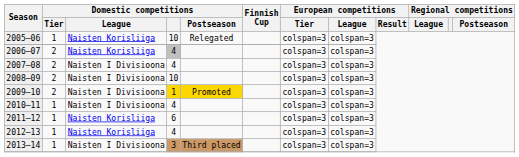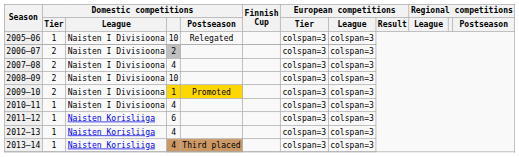 <table class="wikitable" style="font-size:85%; text-align:center">
 <tr bgcolor=>
 <th rowspan=2>Season</th>
 <th colspan=4>Domestic competitions</th>
 <th rowspan=2>Finnish <br> Cup</th>
 <th colspan=3>European competitions</th>
 <th colspan=3>Regional competitions</th>
 </tr>
 <tr>
 <th>Tier</th>
 <th>League</th>
 <th></th>
 <th>Postseason</th>
 <th>Tier</th>
 <th>League</th>
 <th>Result</th>
 <th>League</th>
 <th></th>
 <th>Postseason</th>
 </tr>
 <tr>
 <td style="background:#efefef;">2005–06</td>
 <td>1</td>
-<td align=left><a href='#'>Naisten Korisliiga</a></td>
+<td align=left>Naisten I Divisioona</td>
 <td>10</td>
 <td>Relegated</td>
 <td></td>
 <td>colspan=3 </td>
 <td>colspan=3 </td>
 </tr>
 <tr>
 </tr>
 <tr>
 <td style="background:#efefef;">2006–07</td>
 <td>2</td>
-<td align=left><a href='#'>Naisten Korisliiga</a></td>
-<td style="background:silver;">4</td>
+<td align=left>Naisten I Divisioona</td>
+<td style="background:silver;">2</td>
 <td></td>
 <td></td>
 <td>colspan=3 </td>
 <td>colspan=3 </td>
 </tr>
 <tr>
 <td style="background:#efefef;">2007–08</td>
 <td>2</td>
 <td align=left>Naisten I Divisioona</td>
 <td>4</td>
 <td></td>
 <td></td>
 <td>colspan=3 </td>
 <td>colspan=3 </td>
 </tr>
 <tr>
 <td style="background:#efefef;">2008–09</td>
 <td>2</td>
 <td align=left>Naisten I Divisioona</td>
 <td>10</td>
 <td></td>
 <td></td>
 <td>colspan=3 </td>
 <td>colspan=3 </td>
 </tr>
 <tr>
 <td style="background:#efefef;">2009–10</td>
 <td>2</td>
 <td align=left>Naisten I Divisioona</td>
 <td style="background:gold;">1</td>
 <td style="background:gold;">Promoted</td>
 <td></td>
 <td>colspan=3 </td>
 <td>colspan=3 </td>
 </tr>
 <tr>
 <td style="background:#efefef;">2010–11</td>
 <td>1</td>
 <td align=left>Naisten I Divisioona</td>
 <td>4</td>
 <td></td>
 <td></td>
 <td>colspan=3 </td>
 <td>colspan=3 </td>
 </tr>
 <tr>
 <td style="background:#efefef;">2011–12</td>
 <td>1</td>
 <td align=left><a href='#'>Naisten Korisliiga</a></td>
 <td>6</td>
 <td></td>
 <td></td>
 <td>colspan=3 </td>
 <td>colspan=3 </td>
 </tr>
 <tr>
 <td style="background:#efefef;">2012–13</td>
 <td>1</td>
 <td align=left><a href='#'>Naisten Korisliiga</a></td>
 <td>4</td>
 <td></td>
 <td></td>
 <td>colspan=3 </td>
 <td>colspan=3 </td>
 </tr>
 <tr>
 <td style="background:#efefef;">2013–14</td>
 <td>1</td>
-<td align=left>Naisten I Divisioona</td>
-<td style="background:#cc9966;">3</td>
+<td align=left><a href='#'>Naisten Korisliiga</a></td>
+<td style="background:#cc9966;">4</td>
 <td style="background:#cc9966;">Third placed</td>
 <td></td>
 <td>colspan=3 </td>
 <td>colspan=3 </td>
 </tr>
 <tr>
 </tr>
 </table>
